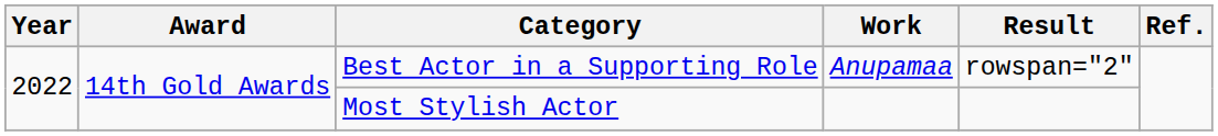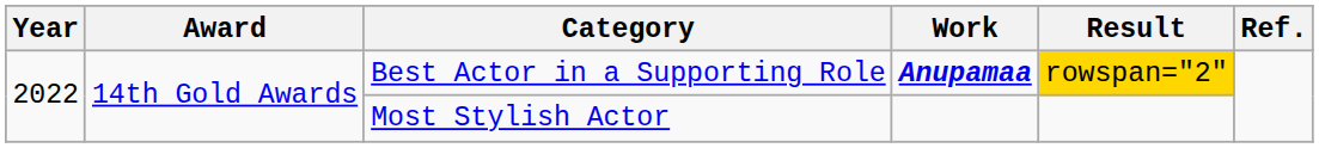 <table class="wikitable">
 <tr>
 <th>Year</th>
 <th>Award</th>
 <th>Category</th>
 <th>Work</th>
 <th>Result</th>
 <th>Ref.</th>
 </tr>
 <tr>
 <td rowspan="2">2022</td>
 <td rowspan="2"><a href='#'>14th Gold Awards</a></td>
 <td><a href='#'>Best Actor in a Supporting Role</a></td>
-<td><em><a href='#'>Anupamaa</a></em></td>
-<td>rowspan="2"</td>
+<td><strong><em><a href='#'>Anupamaa</a></em></strong></td>
+<td style="background: gold;">rowspan="2"</td>
 <td rowspan="2"></td>
 </tr>
 <tr>
 <td><a href='#'>Most Stylish Actor</a></td>
 <td></td>
 </tr>
 </table>
